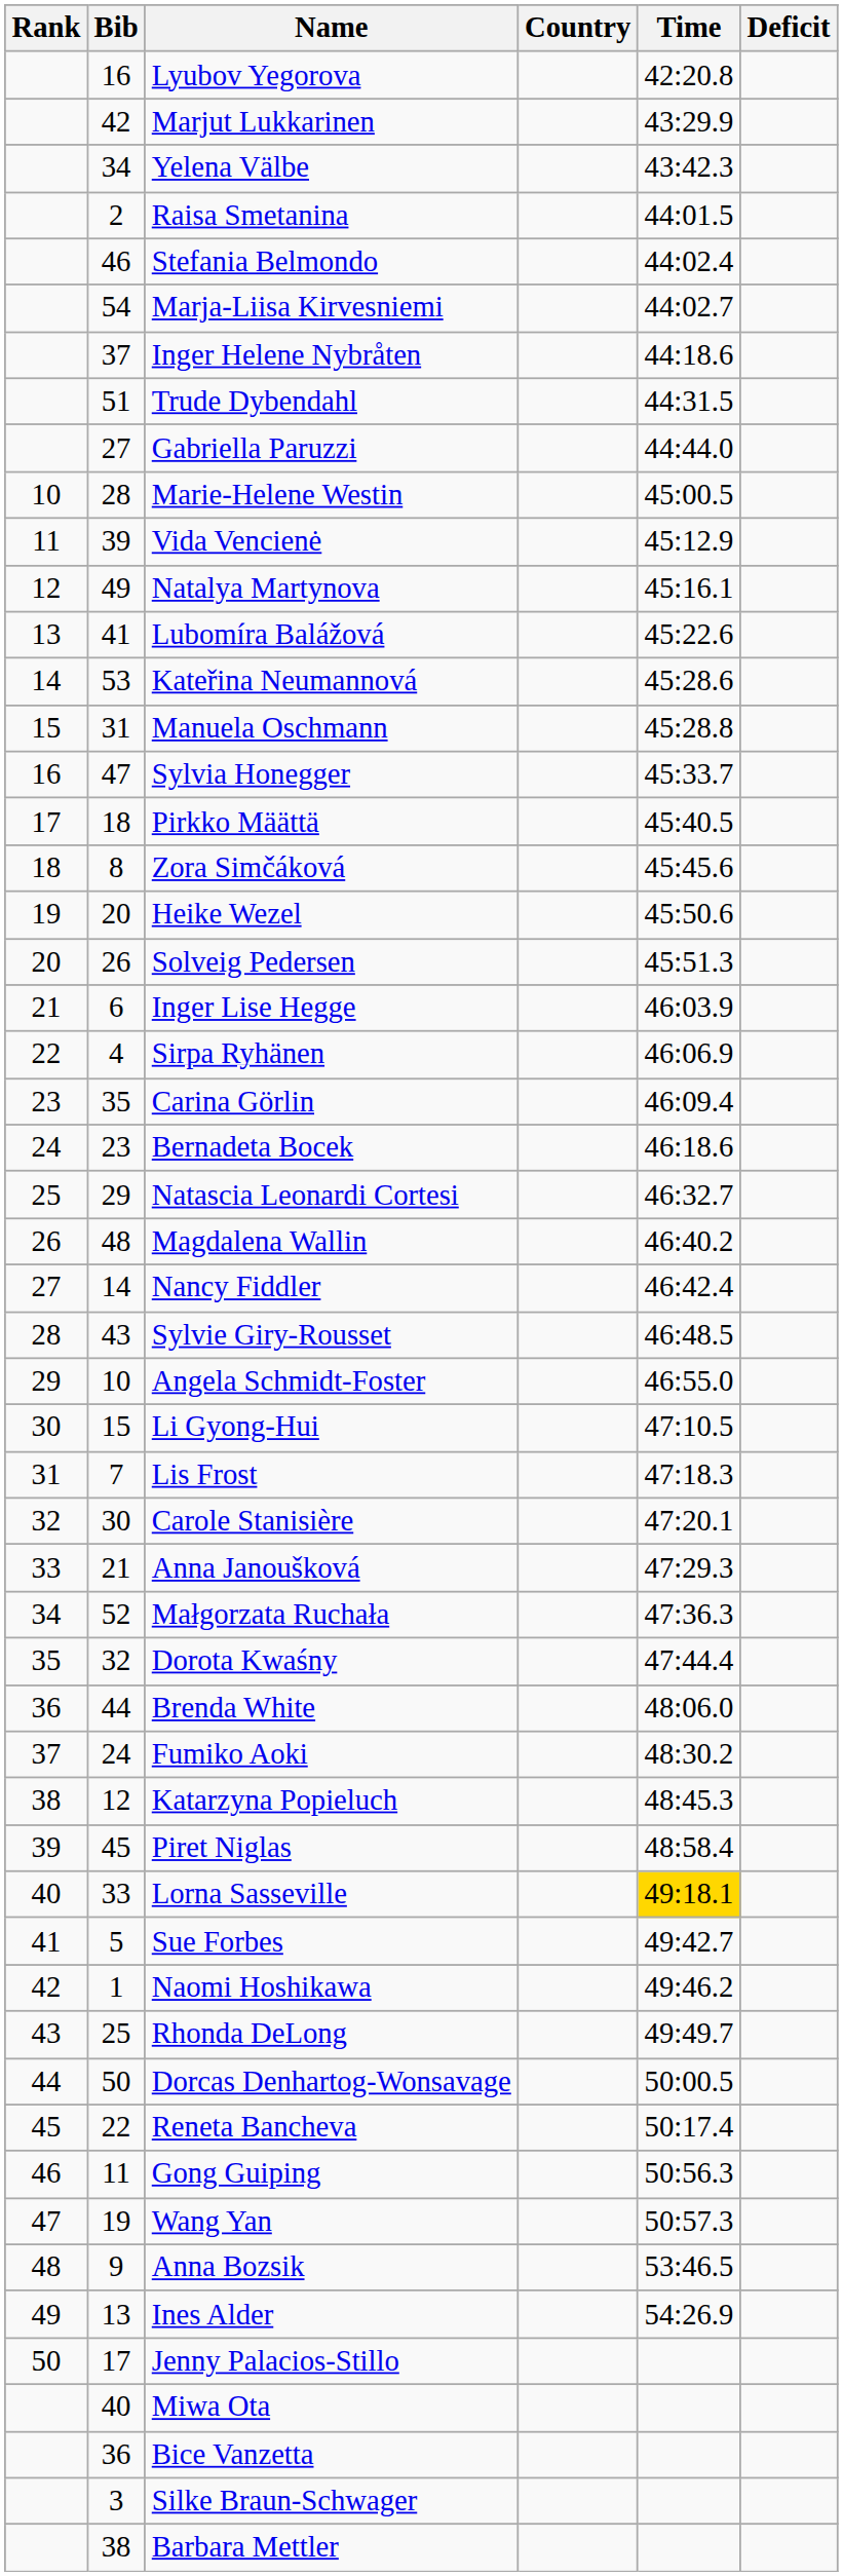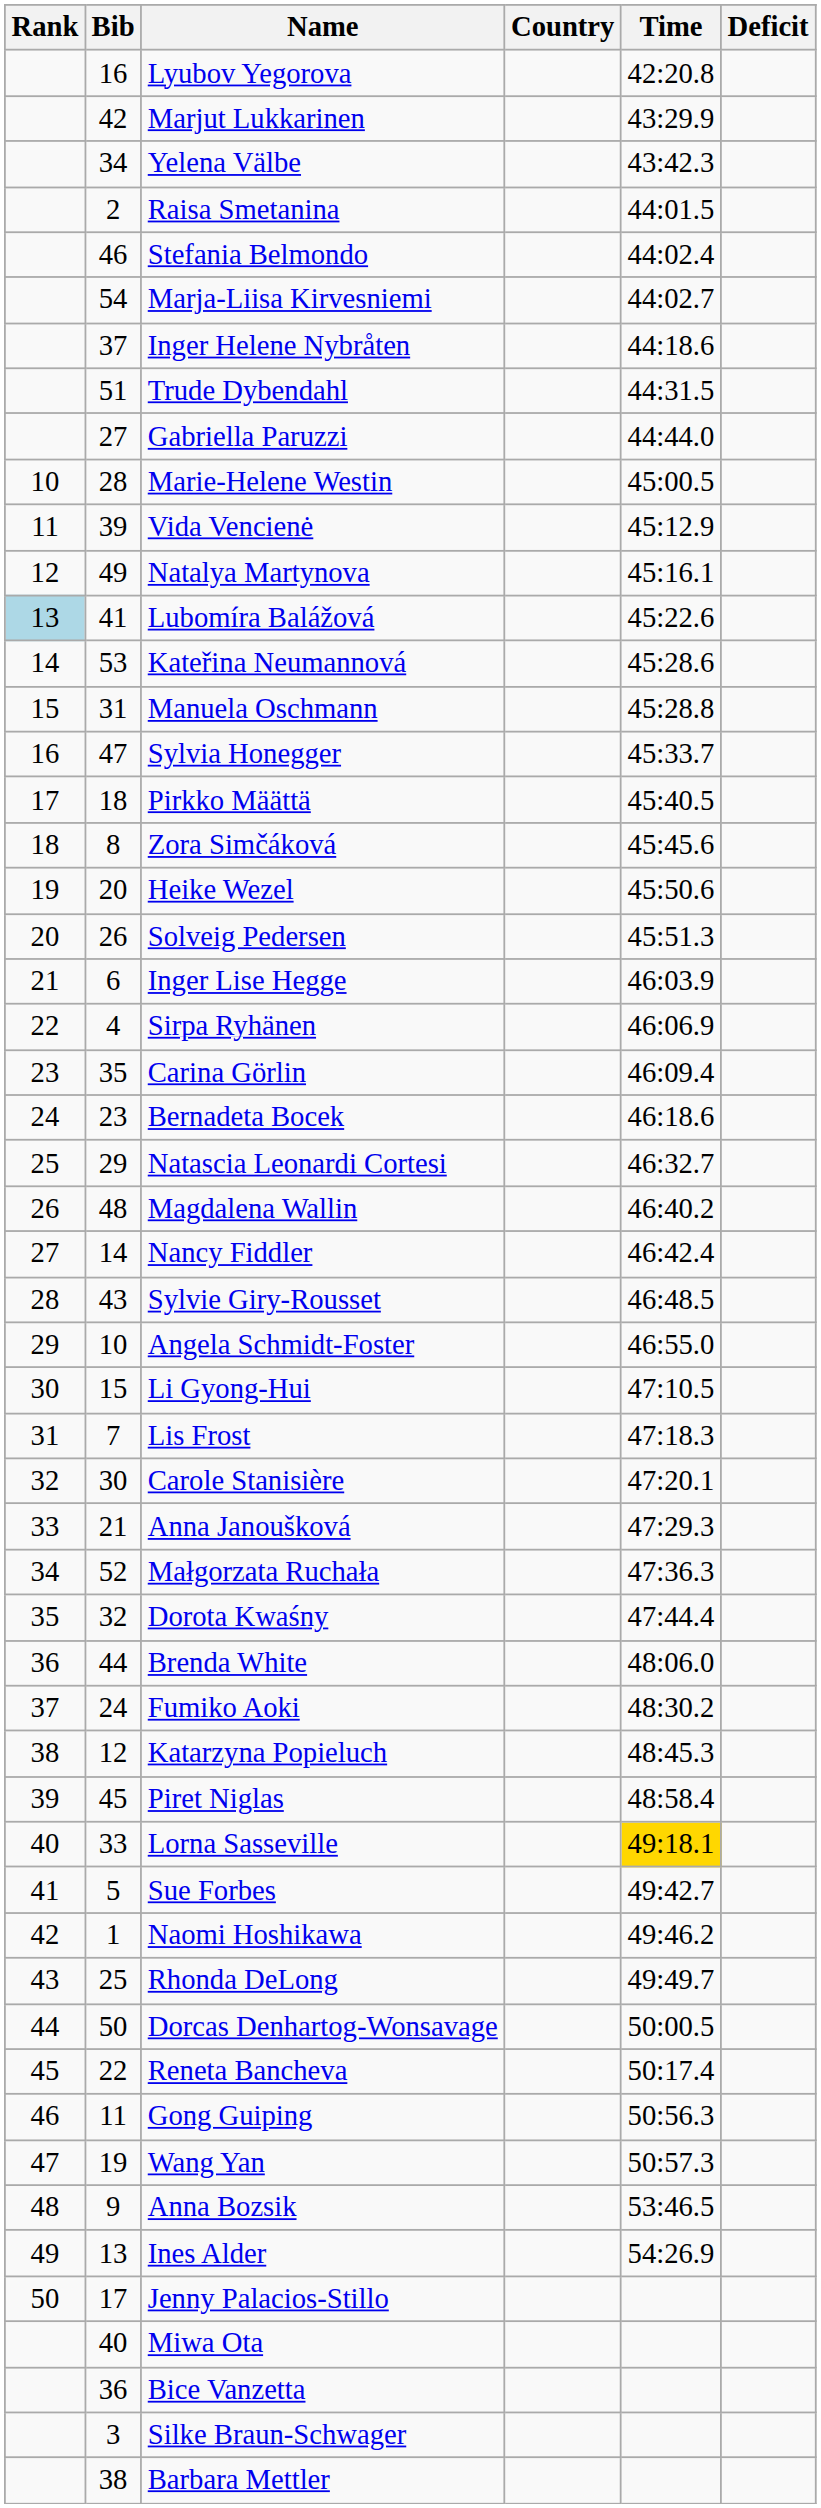 <table class="wikitable sortable" style="text-align:center">
 <tr>
 <th>Rank</th>
 <th>Bib</th>
 <th>Name</th>
 <th>Country</th>
 <th>Time</th>
 <th>Deficit</th>
 </tr>
 <tr>
 <td></td>
 <td>16</td>
 <td align="left"><a href='#'>Lyubov Yegorova</a></td>
 <td align="left"></td>
 <td>42:20.8</td>
 <td></td>
 </tr>
 <tr>
 <td></td>
 <td>42</td>
 <td align="left"><a href='#'>Marjut Lukkarinen</a></td>
 <td align="left"></td>
 <td>43:29.9</td>
 <td align=right></td>
 </tr>
 <tr>
 <td></td>
 <td>34</td>
 <td align="left"><a href='#'>Yelena Välbe</a></td>
 <td align="left"></td>
 <td>43:42.3</td>
 <td align=right></td>
 </tr>
 <tr>
 <td></td>
 <td>2</td>
 <td align="left"><a href='#'>Raisa Smetanina</a></td>
 <td align="left"></td>
 <td>44:01.5</td>
 <td align=right></td>
 </tr>
 <tr>
 <td></td>
 <td>46</td>
 <td align="left"><a href='#'>Stefania Belmondo</a></td>
 <td align="left"></td>
 <td>44:02.4</td>
 <td align=right></td>
 </tr>
 <tr>
 <td></td>
 <td>54</td>
 <td align="left"><a href='#'>Marja-Liisa Kirvesniemi</a></td>
 <td align="left"></td>
 <td>44:02.7</td>
 <td align=right></td>
 </tr>
 <tr>
 <td></td>
 <td>37</td>
 <td align="left"><a href='#'>Inger Helene Nybråten</a></td>
 <td align="left"></td>
 <td>44:18.6</td>
 <td align=right></td>
 </tr>
 <tr>
 <td></td>
 <td>51</td>
 <td align="left"><a href='#'>Trude Dybendahl</a></td>
 <td align="left"></td>
 <td>44:31.5</td>
 <td align=right></td>
 </tr>
 <tr>
 <td></td>
 <td>27</td>
 <td align="left"><a href='#'>Gabriella Paruzzi</a></td>
 <td align="left"></td>
 <td>44:44.0</td>
 <td align=right></td>
 </tr>
 <tr>
 <td>10</td>
 <td>28</td>
 <td align="left"><a href='#'>Marie-Helene Westin</a></td>
 <td align="left"></td>
 <td>45:00.5</td>
 <td align=right></td>
 </tr>
 <tr>
 <td>11</td>
 <td>39</td>
 <td align="left"><a href='#'>Vida Vencienė</a></td>
 <td align="left"></td>
 <td>45:12.9</td>
 <td align=right></td>
 </tr>
 <tr>
 <td>12</td>
 <td>49</td>
 <td align="left"><a href='#'>Natalya Martynova</a></td>
 <td align="left"></td>
 <td>45:16.1</td>
 <td align=right></td>
 </tr>
 <tr>
-<td>13</td>
+<td style="background: lightblue;">13</td>
 <td>41</td>
 <td align="left"><a href='#'>Lubomíra Balážová</a></td>
 <td align="left"></td>
 <td>45:22.6</td>
 <td align=right></td>
 </tr>
 <tr>
 <td>14</td>
 <td>53</td>
 <td align="left"><a href='#'>Kateřina Neumannová</a></td>
 <td align="left"></td>
 <td>45:28.6</td>
 <td align=right></td>
 </tr>
 <tr>
 <td>15</td>
 <td>31</td>
 <td align="left"><a href='#'>Manuela Oschmann</a></td>
 <td align="left"></td>
 <td>45:28.8</td>
 <td align=right></td>
 </tr>
 <tr>
 <td>16</td>
 <td>47</td>
 <td align="left"><a href='#'>Sylvia Honegger</a></td>
 <td align="left"></td>
 <td>45:33.7</td>
 <td align=right></td>
 </tr>
 <tr>
 <td>17</td>
 <td>18</td>
 <td align="left"><a href='#'>Pirkko Määttä</a></td>
 <td align="left"></td>
 <td>45:40.5</td>
 <td align=right></td>
 </tr>
 <tr>
 <td>18</td>
 <td>8</td>
 <td align="left"><a href='#'>Zora Simčáková</a></td>
 <td align="left"></td>
 <td>45:45.6</td>
 <td align=right></td>
 </tr>
 <tr>
 <td>19</td>
 <td>20</td>
 <td align="left"><a href='#'>Heike Wezel</a></td>
 <td align="left"></td>
 <td>45:50.6</td>
 <td align=right></td>
 </tr>
 <tr>
 <td>20</td>
 <td>26</td>
 <td align="left"><a href='#'>Solveig Pedersen</a></td>
 <td align="left"></td>
 <td>45:51.3</td>
 <td align=right></td>
 </tr>
 <tr>
 <td>21</td>
 <td>6</td>
 <td align="left"><a href='#'>Inger Lise Hegge</a></td>
 <td align="left"></td>
 <td>46:03.9</td>
 <td align=right></td>
 </tr>
 <tr>
 <td>22</td>
 <td>4</td>
 <td align="left"><a href='#'>Sirpa Ryhänen</a></td>
 <td align="left"></td>
 <td>46:06.9</td>
 <td align=right></td>
 </tr>
 <tr>
 <td>23</td>
 <td>35</td>
 <td align="left"><a href='#'>Carina Görlin</a></td>
 <td align="left"></td>
 <td>46:09.4</td>
 <td align=right></td>
 </tr>
 <tr>
 <td>24</td>
 <td>23</td>
 <td align="left"><a href='#'>Bernadeta Bocek</a></td>
 <td align="left"></td>
 <td>46:18.6</td>
 <td align=right></td>
 </tr>
 <tr>
 <td>25</td>
 <td>29</td>
 <td align="left"><a href='#'>Natascia Leonardi Cortesi</a></td>
 <td align="left"></td>
 <td>46:32.7</td>
 <td align=right></td>
 </tr>
 <tr>
 <td>26</td>
 <td>48</td>
 <td align="left"><a href='#'>Magdalena Wallin</a></td>
 <td align="left"></td>
 <td>46:40.2</td>
 <td align=right></td>
 </tr>
 <tr>
 <td>27</td>
 <td>14</td>
 <td align="left"><a href='#'>Nancy Fiddler</a></td>
 <td align="left"></td>
 <td>46:42.4</td>
 <td align=right></td>
 </tr>
 <tr>
 <td>28</td>
 <td>43</td>
 <td align="left"><a href='#'>Sylvie Giry-Rousset</a></td>
 <td align="left"></td>
 <td>46:48.5</td>
 <td align=right></td>
 </tr>
 <tr>
 <td>29</td>
 <td>10</td>
 <td align="left"><a href='#'>Angela Schmidt-Foster</a></td>
 <td align="left"></td>
 <td>46:55.0</td>
 <td align=right></td>
 </tr>
 <tr>
 <td>30</td>
 <td>15</td>
 <td align="left"><a href='#'>Li Gyong-Hui</a></td>
 <td align="left"></td>
 <td>47:10.5</td>
 <td align=right></td>
 </tr>
 <tr>
 <td>31</td>
 <td>7</td>
 <td align="left"><a href='#'>Lis Frost</a></td>
 <td align="left"></td>
 <td>47:18.3</td>
 <td align=right></td>
 </tr>
 <tr>
 <td>32</td>
 <td>30</td>
 <td align="left"><a href='#'>Carole Stanisière</a></td>
 <td align="left"></td>
 <td>47:20.1</td>
 <td align=right></td>
 </tr>
 <tr>
 <td>33</td>
 <td>21</td>
 <td align="left"><a href='#'>Anna Janoušková</a></td>
 <td align="left"></td>
 <td>47:29.3</td>
 <td align=right></td>
 </tr>
 <tr>
 <td>34</td>
 <td>52</td>
 <td align="left"><a href='#'>Małgorzata Ruchała</a></td>
 <td align="left"></td>
 <td>47:36.3</td>
 <td align=right></td>
 </tr>
 <tr>
 <td>35</td>
 <td>32</td>
 <td align="left"><a href='#'>Dorota Kwaśny</a></td>
 <td align="left"></td>
 <td>47:44.4</td>
 <td align=right></td>
 </tr>
 <tr>
 <td>36</td>
 <td>44</td>
 <td align="left"><a href='#'>Brenda White</a></td>
 <td align="left"></td>
 <td>48:06.0</td>
 <td align=right></td>
 </tr>
 <tr>
 <td>37</td>
 <td>24</td>
 <td align="left"><a href='#'>Fumiko Aoki</a></td>
 <td align="left"></td>
 <td>48:30.2</td>
 <td align=right></td>
 </tr>
 <tr>
 <td>38</td>
 <td>12</td>
 <td align="left"><a href='#'>Katarzyna Popieluch</a></td>
 <td align="left"></td>
 <td>48:45.3</td>
 <td align=right></td>
 </tr>
 <tr>
 <td>39</td>
 <td>45</td>
 <td align="left"><a href='#'>Piret Niglas</a></td>
 <td align="left"></td>
 <td>48:58.4</td>
 <td align=right></td>
 </tr>
 <tr>
 <td>40</td>
 <td>33</td>
 <td align="left"><a href='#'>Lorna Sasseville</a></td>
 <td align="left"></td>
 <td style="background: gold;">49:18.1</td>
 <td align=right></td>
 </tr>
 <tr>
 <td>41</td>
 <td>5</td>
 <td align="left"><a href='#'>Sue Forbes</a></td>
 <td align="left"></td>
 <td>49:42.7</td>
 <td align=right></td>
 </tr>
 <tr>
 <td>42</td>
 <td>1</td>
 <td align="left"><a href='#'>Naomi Hoshikawa</a></td>
 <td align="left"></td>
 <td>49:46.2</td>
 <td align=right></td>
 </tr>
 <tr>
 <td>43</td>
 <td>25</td>
 <td align="left"><a href='#'>Rhonda DeLong</a></td>
 <td align="left"></td>
 <td>49:49.7</td>
 <td align=right></td>
 </tr>
 <tr>
 <td>44</td>
 <td>50</td>
 <td align="left"><a href='#'>Dorcas Denhartog-Wonsavage</a></td>
 <td align="left"></td>
 <td>50:00.5</td>
 <td align=right></td>
 </tr>
 <tr>
 <td>45</td>
 <td>22</td>
 <td align="left"><a href='#'>Reneta Bancheva</a></td>
 <td align="left"></td>
 <td>50:17.4</td>
 <td align=right></td>
 </tr>
 <tr>
 <td>46</td>
 <td>11</td>
 <td align="left"><a href='#'>Gong Guiping</a></td>
 <td align="left"></td>
 <td>50:56.3</td>
 <td align=right></td>
 </tr>
 <tr>
 <td>47</td>
 <td>19</td>
 <td align="left"><a href='#'>Wang Yan</a></td>
 <td align="left"></td>
 <td>50:57.3</td>
 <td align=right></td>
 </tr>
 <tr>
 <td>48</td>
 <td>9</td>
 <td align="left"><a href='#'>Anna Bozsik</a></td>
 <td align="left"></td>
 <td>53:46.5</td>
 <td align=right></td>
 </tr>
 <tr>
 <td>49</td>
 <td>13</td>
 <td align="left"><a href='#'>Ines Alder</a></td>
 <td align="left"></td>
 <td>54:26.9</td>
 <td align=right></td>
 </tr>
 <tr>
 <td>50</td>
 <td>17</td>
 <td align="left"><a href='#'>Jenny Palacios-Stillo</a></td>
 <td align="left"></td>
 <td></td>
 <td align=right></td>
 </tr>
 <tr>
 <td></td>
 <td>40</td>
 <td align="left"><a href='#'>Miwa Ota</a></td>
 <td align="left"></td>
 <td></td>
 <td></td>
 </tr>
 <tr>
 <td></td>
 <td>36</td>
 <td align="left"><a href='#'>Bice Vanzetta</a></td>
 <td align="left"></td>
 <td></td>
 <td></td>
 </tr>
 <tr>
 <td></td>
 <td>3</td>
 <td align="left"><a href='#'>Silke Braun-Schwager</a></td>
 <td align="left"></td>
 <td></td>
 <td></td>
 </tr>
 <tr>
 <td></td>
 <td>38</td>
 <td align="left"><a href='#'>Barbara Mettler</a></td>
 <td align="left"></td>
 <td></td>
 <td></td>
 </tr>
 </table>
